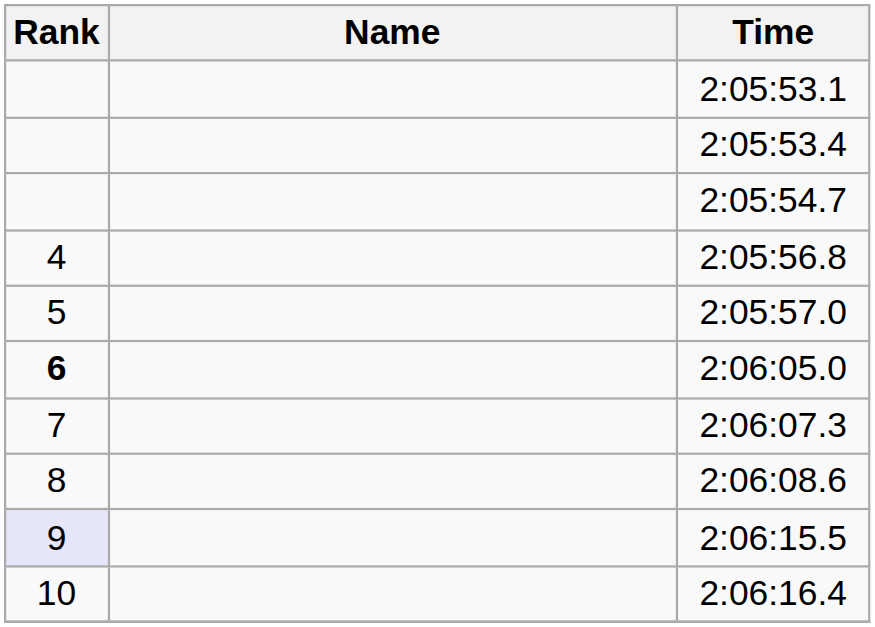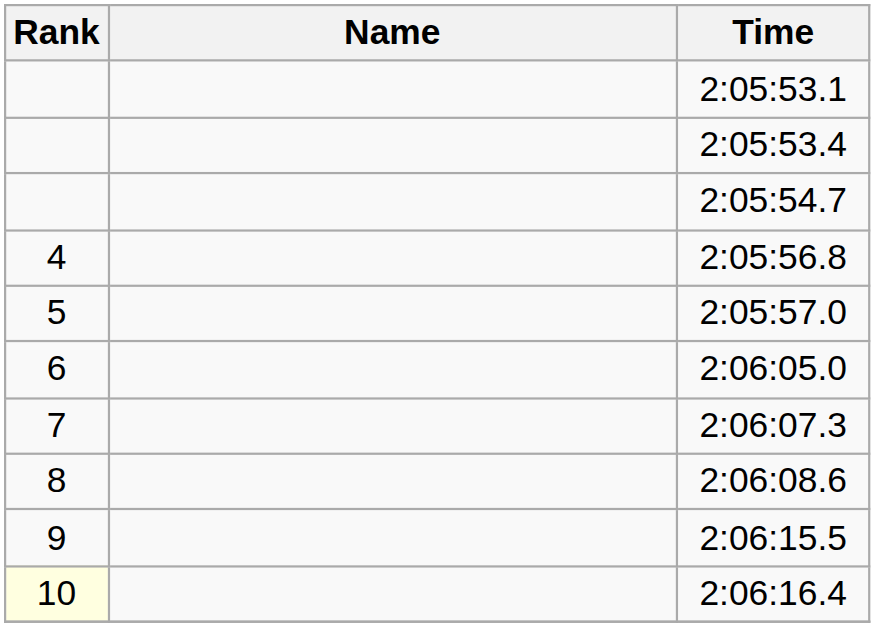 <table class="wikitable" style="text-align:center">
 <tr>
 <th>Rank</th>
 <th width=250>Name</th>
 <th width=80>Time</th>
 </tr>
 <tr>
 <td></td>
 <td align=left></td>
 <td>2:05:53.1</td>
 </tr>
 <tr>
 <td></td>
 <td align=left></td>
 <td>2:05:53.4</td>
 </tr>
 <tr>
 <td></td>
 <td align=left></td>
 <td>2:05:54.7</td>
 </tr>
 <tr>
 <td>4</td>
 <td align=left></td>
 <td>2:05:56.8</td>
 </tr>
 <tr>
 <td>5</td>
 <td align=left></td>
 <td>2:05:57.0</td>
 </tr>
 <tr>
-<td><strong>6</strong></td>
+<td>6</td>
 <td align=left></td>
 <td>2:06:05.0</td>
 </tr>
 <tr>
 <td>7</td>
 <td align=left></td>
 <td>2:06:07.3</td>
 </tr>
 <tr>
 <td>8</td>
 <td align=left></td>
 <td>2:06:08.6</td>
 </tr>
 <tr>
-<td style="background: lavender;">9</td>
+<td>9</td>
 <td align=left></td>
 <td>2:06:15.5</td>
 </tr>
 <tr>
-<td>10</td>
+<td style="background: lightyellow;">10</td>
 <td align=left></td>
 <td>2:06:16.4</td>
 </tr>
 <tr>
 </tr>
 </table>
